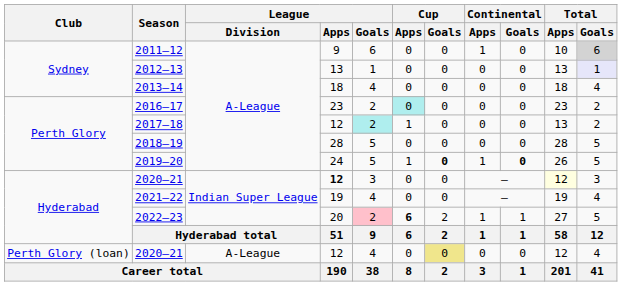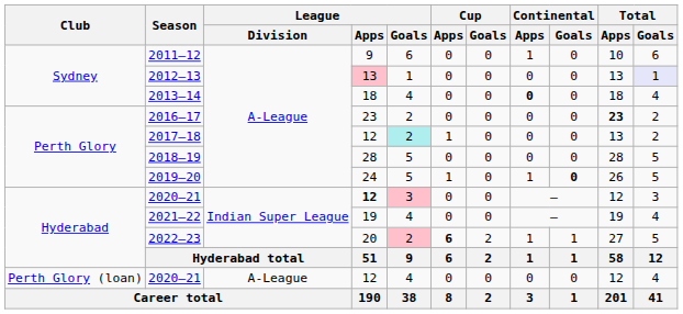 <table class="wikitable" style="text-align: center;">
 <tr>
 <th rowspan="2">Club</th>
 <th rowspan="2">Season</th>
 <th colspan="3">League</th>
 <th colspan="2">Cup</th>
 <th colspan="2">Continental</th>
 <th colspan="2">Total</th>
 </tr>
 <tr>
 <th>Division</th>
 <th>Apps</th>
 <th>Goals</th>
 <th>Apps</th>
 <th>Goals</th>
 <th>Apps</th>
 <th>Goals</th>
 <th>Apps</th>
 <th>Goals</th>
 </tr>
 <tr>
 <td rowspan="3"><a href='#'>Sydney</a></td>
 <td><a href='#'>2011–12</a></td>
 <td rowspan="7"><a href='#'>A-League</a></td>
 <td>9</td>
 <td>6</td>
 <td>0</td>
 <td>0</td>
 <td>1</td>
 <td>0</td>
 <td>10</td>
-<td style="background: lightgrey;">6</td>
+<td>6</td>
 </tr>
 <tr>
 <td><a href='#'>2012–13</a></td>
-<td>13</td>
+<td style="background: pink;">13</td>
 <td>1</td>
 <td>0</td>
 <td>0</td>
 <td>0</td>
 <td>0</td>
 <td>13</td>
 <td style="background: lavender;">1</td>
 </tr>
 <tr>
 <td><a href='#'>2013–14</a></td>
 <td>18</td>
 <td>4</td>
 <td>0</td>
 <td>0</td>
-<td>0</td>
+<td><strong>0</strong></td>
 <td>0</td>
 <td>18</td>
 <td>4</td>
 </tr>
 <tr>
 <td rowspan="4"><a href='#'>Perth Glory</a></td>
 <td><a href='#'>2016–17</a></td>
 <td>23</td>
 <td>2</td>
-<td style="background: paleturquoise;">0</td>
 <td>0</td>
 <td>0</td>
 <td>0</td>
-<td>23</td>
+<td>0</td>
+<td><strong>23</strong></td>
 <td>2</td>
 </tr>
 <tr>
 <td><a href='#'>2017–18</a></td>
 <td>12</td>
 <td style="background: paleturquoise;">2</td>
 <td>1</td>
 <td>0</td>
 <td>0</td>
 <td>0</td>
 <td>13</td>
 <td>2</td>
 </tr>
 <tr>
 <td><a href='#'>2018–19</a></td>
 <td>28</td>
 <td>5</td>
 <td>0</td>
 <td>0</td>
 <td>0</td>
 <td>0</td>
 <td>28</td>
 <td>5</td>
 </tr>
 <tr>
 <td><a href='#'>2019–20</a></td>
 <td>24</td>
 <td>5</td>
 <td>1</td>
-<td><strong>0</strong></td>
+<td>0</td>
 <td>1</td>
 <td><strong>0</strong></td>
 <td>26</td>
 <td>5</td>
 </tr>
 <tr>
 <td rowspan="4"><a href='#'>Hyderabad</a></td>
 <td><a href='#'>2020–21</a></td>
 <td rowspan="3"><a href='#'>Indian Super League</a></td>
 <td><strong>12</strong></td>
-<td>3</td>
+<td style="background: pink;">3</td>
 <td>0</td>
 <td>0</td>
 <td colspan="2">—</td>
-<td style="background: lightyellow;">12</td>
+<td>12</td>
 <td>3</td>
 </tr>
 <tr>
 <td><a href='#'>2021–22</a></td>
 <td>19</td>
 <td>4</td>
 <td>0</td>
 <td>0</td>
 <td colspan="2">—</td>
 <td>19</td>
 <td>4</td>
 </tr>
 <tr>
 <td><a href='#'>2022–23</a></td>
 <td>20</td>
 <td style="background: pink;">2</td>
 <td><strong>6</strong></td>
 <td>2</td>
 <td>1</td>
 <td>1</td>
 <td>27</td>
 <td>5</td>
 </tr>
 <tr>
 <th colspan="2">Hyderabad total</th>
 <th>51</th>
 <th>9</th>
 <th>6</th>
 <th>2</th>
 <th>1</th>
 <th>1</th>
 <th>58</th>
 <th>12</th>
 </tr>
 <tr>
 <td rowspan="1"><a href='#'>Perth Glory</a> (loan)</td>
 <td><a href='#'>2020–21</a></td>
 <td rowspan="1">A-League</td>
 <td>12</td>
 <td>4</td>
 <td>0</td>
-<td style="background: khaki;">0</td>
+<td>0</td>
 <td>0</td>
 <td>0</td>
 <td>12</td>
 <td>4</td>
 </tr>
 <tr>
 <th colspan="3">Career total</th>
 <th>190</th>
 <th>38</th>
 <th>8</th>
 <th>2</th>
 <th>3</th>
 <th>1</th>
 <th>201</th>
 <th>41</th>
 </tr>
 </table>
